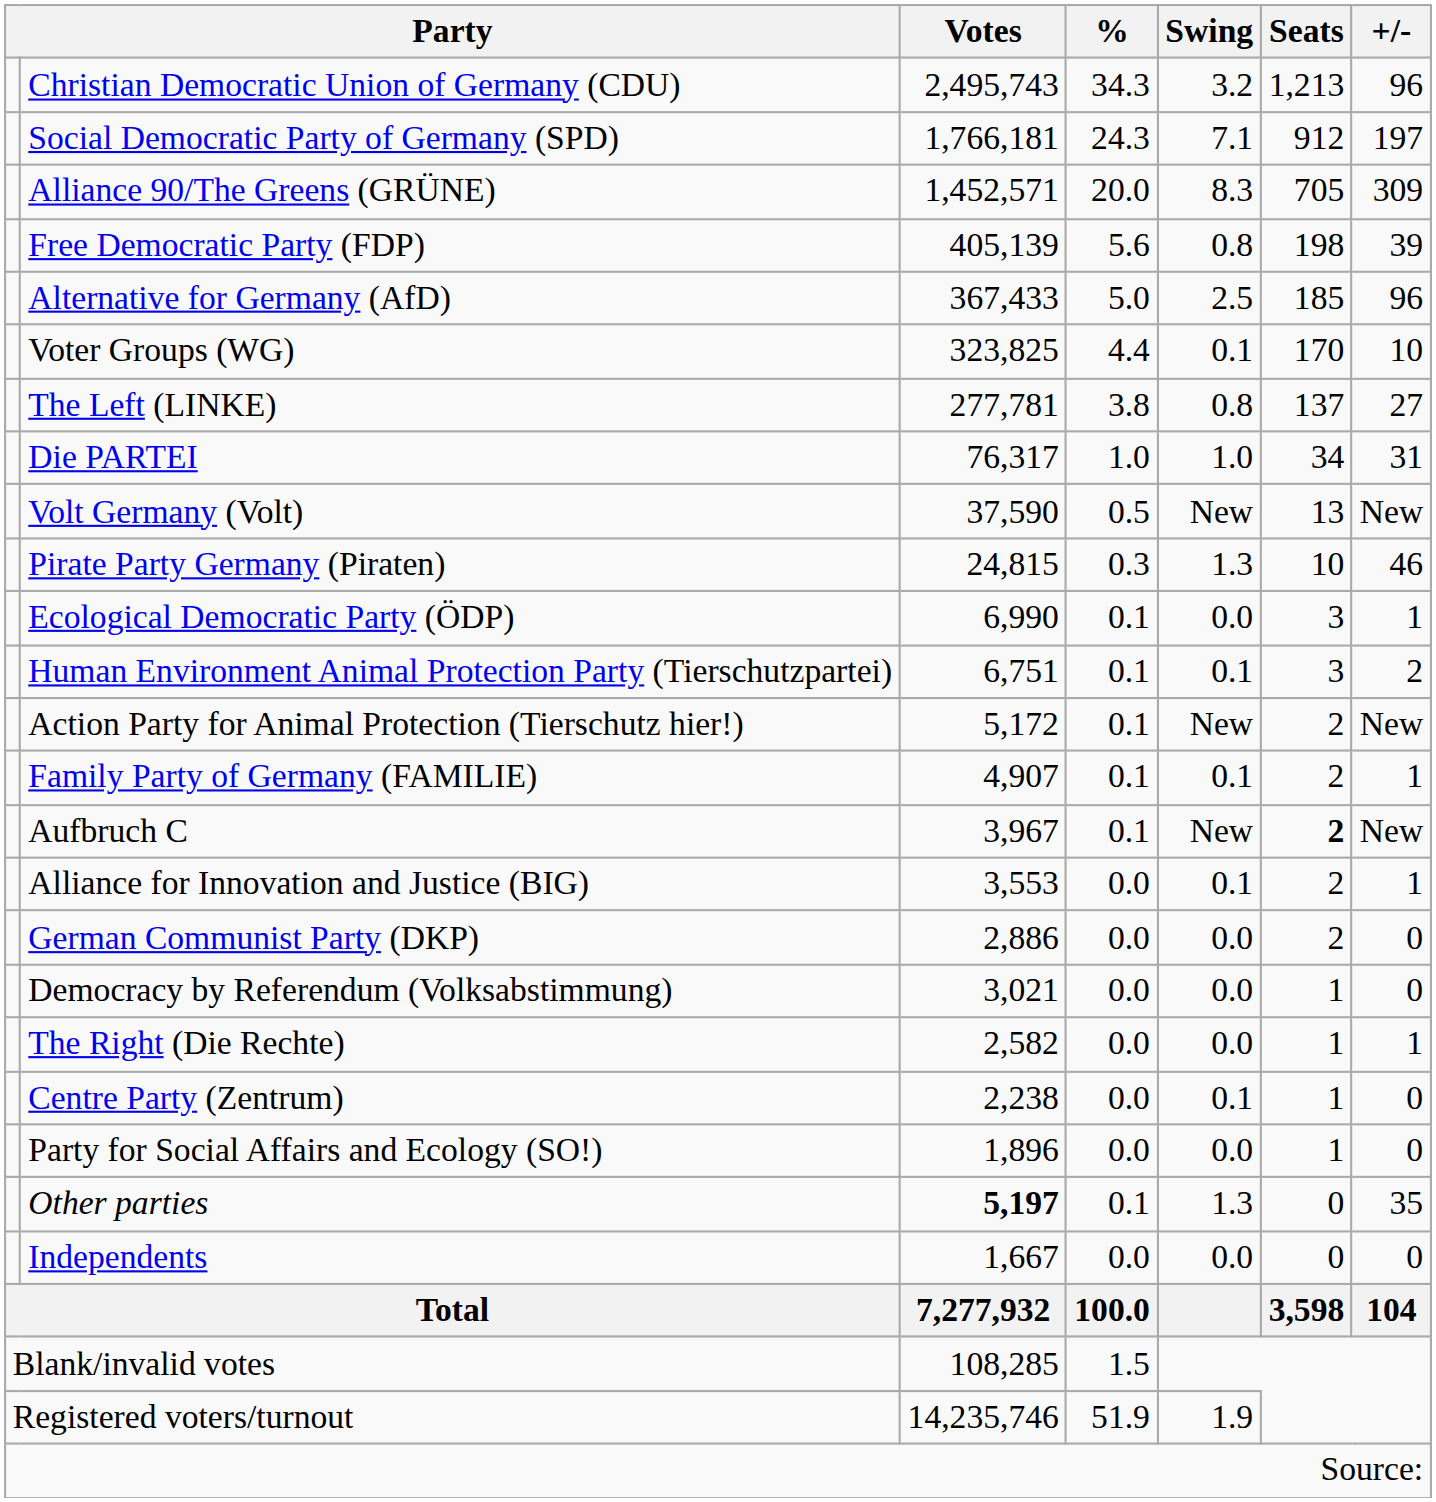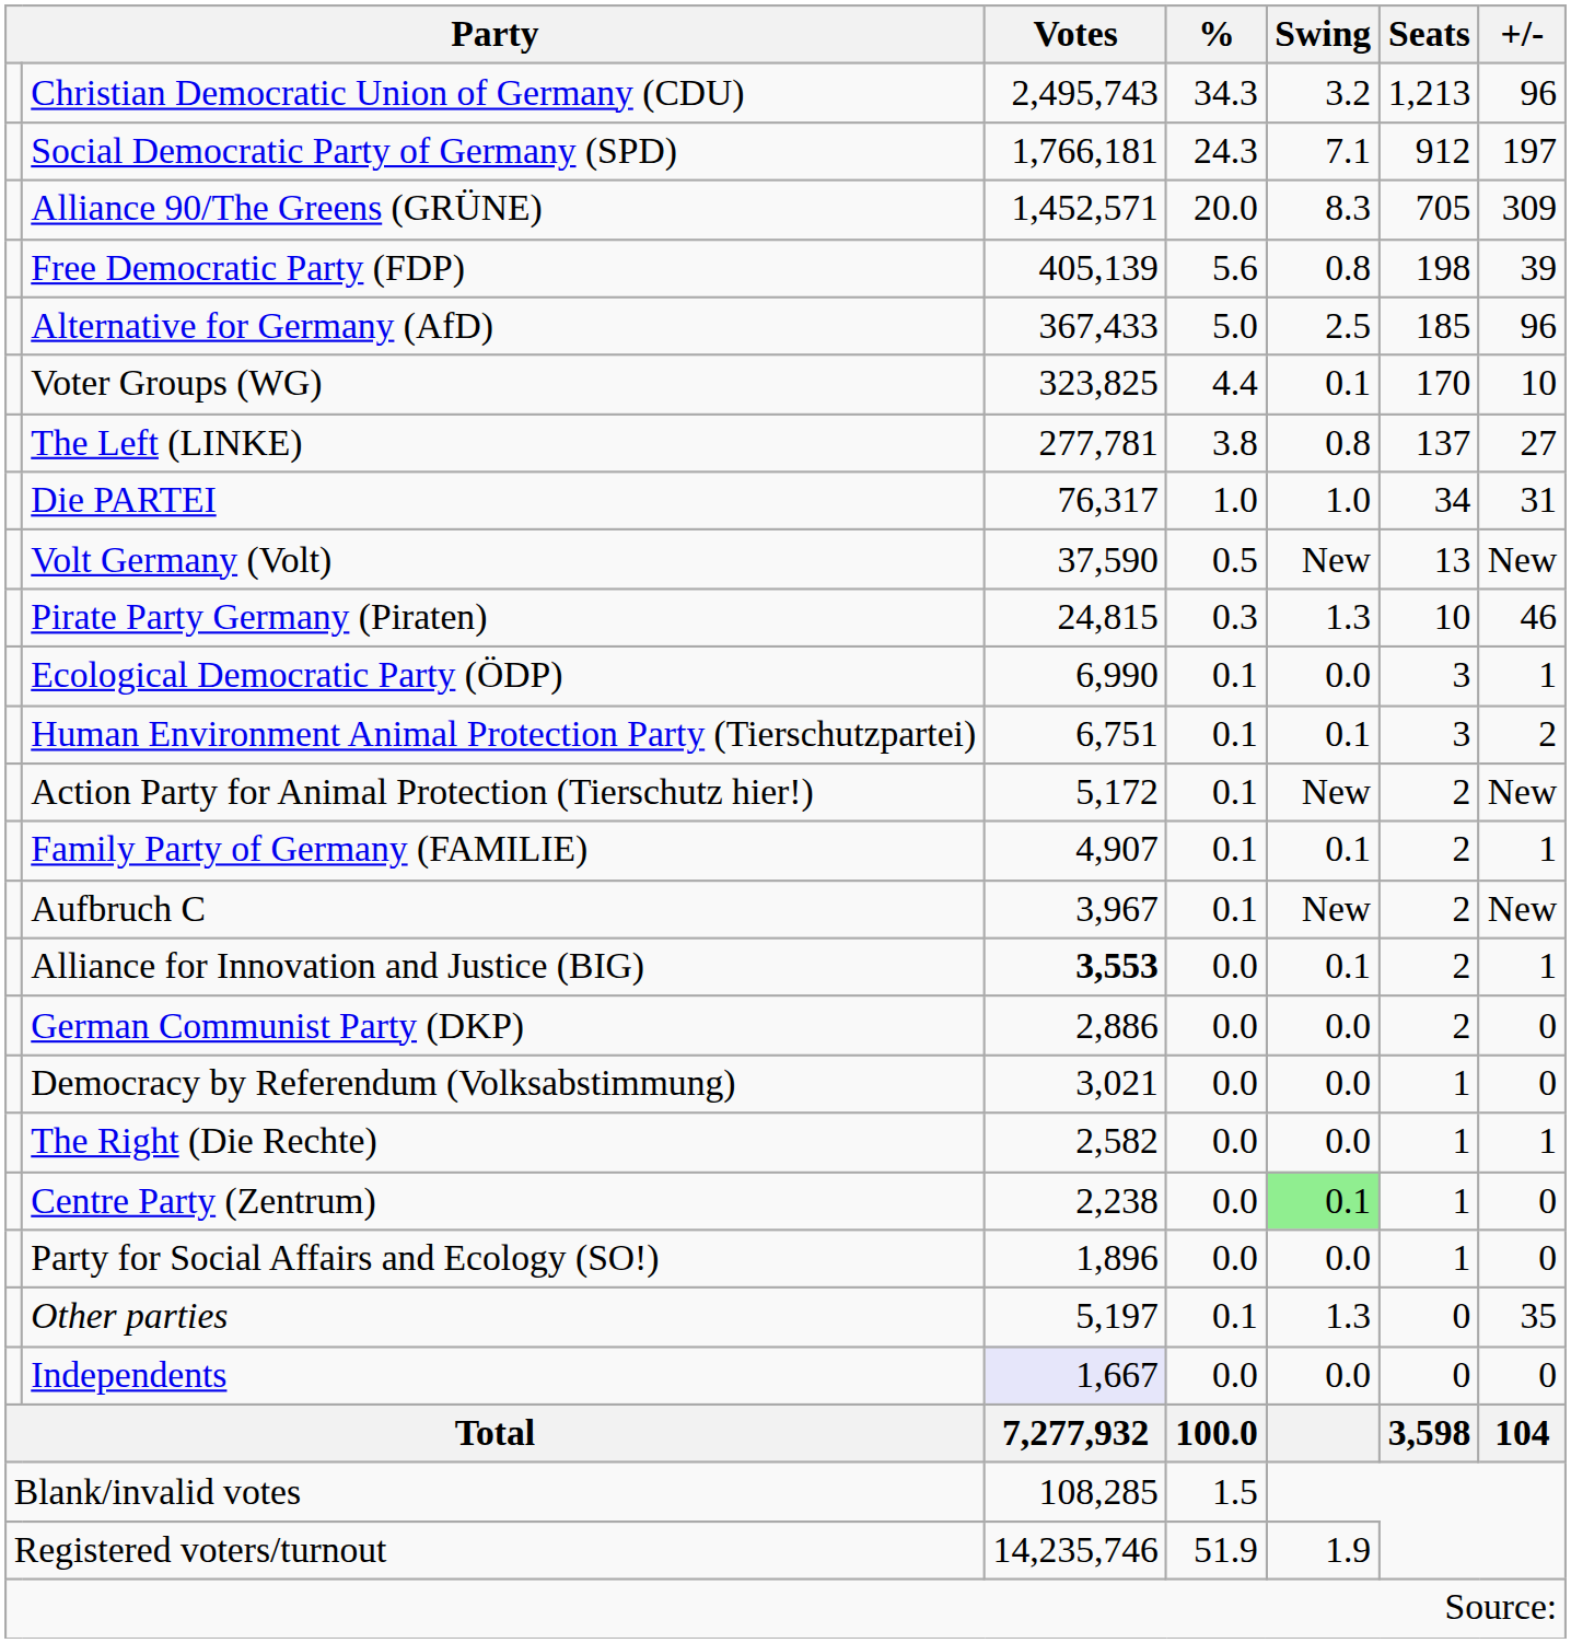 <table class="wikitable" style="text-align:right">
 <tr>
 <th colspan=2>Party</th>
 <th>Votes</th>
 <th>%</th>
 <th>Swing</th>
 <th>Seats</th>
 <th>+/-</th>
 </tr>
 <tr>
 <td bgcolor=></td>
 <td align=left><a href='#'>Christian Democratic Union of Germany</a> (CDU)</td>
 <td>2,495,743</td>
 <td>34.3</td>
 <td> 3.2</td>
 <td>1,213</td>
 <td> 96</td>
 </tr>
 <tr>
 <td bgcolor=></td>
 <td align=left><a href='#'>Social Democratic Party of Germany</a> (SPD)</td>
 <td>1,766,181</td>
 <td>24.3</td>
 <td> 7.1</td>
 <td>912</td>
 <td> 197</td>
 </tr>
 <tr>
 <td bgcolor=></td>
 <td align=left><a href='#'>Alliance 90/The Greens</a> (GRÜNE)</td>
 <td>1,452,571</td>
 <td>20.0</td>
 <td> 8.3</td>
 <td>705</td>
 <td> 309</td>
 </tr>
 <tr>
 <td bgcolor=></td>
 <td align=left><a href='#'>Free Democratic Party</a> (FDP)</td>
 <td>405,139</td>
 <td>5.6</td>
 <td> 0.8</td>
 <td>198</td>
 <td> 39</td>
 </tr>
 <tr>
 <td bgcolor=></td>
 <td align=left><a href='#'>Alternative for Germany</a> (AfD)</td>
 <td>367,433</td>
 <td>5.0</td>
 <td> 2.5</td>
 <td>185</td>
 <td> 96</td>
 </tr>
 <tr>
 <td></td>
 <td align=left>Voter Groups (WG)</td>
 <td>323,825</td>
 <td>4.4</td>
 <td> 0.1</td>
 <td>170</td>
 <td> 10</td>
 </tr>
 <tr>
 <td bgcolor=></td>
 <td align=left><a href='#'>The Left</a> (LINKE)</td>
 <td>277,781</td>
 <td>3.8</td>
 <td> 0.8</td>
 <td>137</td>
 <td> 27</td>
 </tr>
 <tr>
 <td bgcolor=></td>
 <td align=left><a href='#'>Die PARTEI</a></td>
 <td>76,317</td>
 <td>1.0</td>
 <td> 1.0</td>
 <td>34</td>
 <td> 31</td>
 </tr>
 <tr>
 <td bgcolor=></td>
 <td align=left><a href='#'>Volt Germany</a> (Volt)</td>
 <td>37,590</td>
 <td>0.5</td>
 <td>New</td>
 <td>13</td>
 <td>New</td>
 </tr>
 <tr>
 <td bgcolor=></td>
 <td align=left><a href='#'>Pirate Party Germany</a> (Piraten)</td>
 <td>24,815</td>
 <td>0.3</td>
 <td> 1.3</td>
 <td>10</td>
 <td> 46</td>
 </tr>
 <tr>
 <td bgcolor=></td>
 <td align=left><a href='#'>Ecological Democratic Party</a> (ÖDP)</td>
 <td>6,990</td>
 <td>0.1</td>
 <td> 0.0</td>
 <td>3</td>
 <td> 1</td>
 </tr>
 <tr>
 <td bgcolor=></td>
 <td align=left><a href='#'>Human Environment Animal Protection Party</a> (Tierschutzpartei)</td>
 <td>6,751</td>
 <td>0.1</td>
 <td> 0.1</td>
 <td>3</td>
 <td> 2</td>
 </tr>
 <tr>
 <td></td>
 <td align=left>Action Party for Animal Protection (Tierschutz hier!)</td>
 <td>5,172</td>
 <td>0.1</td>
 <td>New</td>
 <td>2</td>
 <td>New</td>
 </tr>
 <tr>
 <td bgcolor=></td>
 <td align=left><a href='#'>Family Party of Germany</a> (FAMILIE)</td>
 <td>4,907</td>
 <td>0.1</td>
 <td> 0.1</td>
 <td>2</td>
 <td> 1</td>
 </tr>
 <tr>
 <td></td>
 <td align=left>Aufbruch C</td>
 <td>3,967</td>
 <td>0.1</td>
 <td>New</td>
-<td><strong>2</strong></td>
+<td>2</td>
 <td>New</td>
 </tr>
 <tr>
 <td></td>
 <td align=left>Alliance for Innovation and Justice (BIG)</td>
-<td>3,553</td>
+<td><strong>3,553</strong></td>
 <td>0.0</td>
 <td> 0.1</td>
 <td>2</td>
 <td> 1</td>
 </tr>
 <tr>
 <td bgcolor=></td>
 <td align=left><a href='#'>German Communist Party</a> (DKP)</td>
 <td>2,886</td>
 <td>0.0</td>
 <td> 0.0</td>
 <td>2</td>
 <td> 0</td>
 </tr>
 <tr>
 <td></td>
 <td align=left>Democracy by Referendum (Volksabstimmung)</td>
 <td>3,021</td>
 <td>0.0</td>
 <td> 0.0</td>
 <td>1</td>
 <td> 0</td>
 </tr>
 <tr>
 <td bgcolor=></td>
 <td align=left><a href='#'>The Right</a> (Die Rechte)</td>
 <td>2,582</td>
 <td>0.0</td>
 <td> 0.0</td>
 <td>1</td>
 <td> 1</td>
 </tr>
 <tr>
 <td bgcolor=></td>
 <td align=left><a href='#'>Centre Party</a> (Zentrum)</td>
 <td>2,238</td>
 <td>0.0</td>
-<td> 0.1</td>
+<td style="background: lightgreen;"> 0.1</td>
 <td>1</td>
 <td> 0</td>
 </tr>
 <tr>
 <td></td>
 <td align=left>Party for Social Affairs and Ecology (SO!)</td>
 <td>1,896</td>
 <td>0.0</td>
 <td> 0.0</td>
 <td>1</td>
 <td> 0</td>
 </tr>
 <tr>
 <td></td>
 <td align=left><em>Other parties</em></td>
-<td><strong>5,197</strong></td>
+<td>5,197</td>
 <td>0.1</td>
 <td> 1.3</td>
 <td>0</td>
 <td> 35</td>
 </tr>
 <tr>
 <td bgcolor=></td>
 <td align=left><a href='#'>Independents</a></td>
-<td>1,667</td>
+<td style="background: lavender;">1,667</td>
 <td>0.0</td>
 <td> 0.0</td>
 <td>0</td>
 <td> 0</td>
 </tr>
 <tr>
 <th colspan=2>Total</th>
 <th>7,277,932</th>
 <th>100.0</th>
 <th></th>
 <th>3,598</th>
 <th> 104</th>
 </tr>
 <tr>
 <td align=left colspan=2>Blank/invalid votes</td>
 <td>108,285</td>
 <td>1.5</td>
 </tr>
 <tr>
 <td align=left colspan=2>Registered voters/turnout</td>
 <td>14,235,746</td>
 <td>51.9</td>
 <td> 1.9</td>
 </tr>
 <tr>
 <td colspan=7>Source: </td>
 </tr>
 </table>
